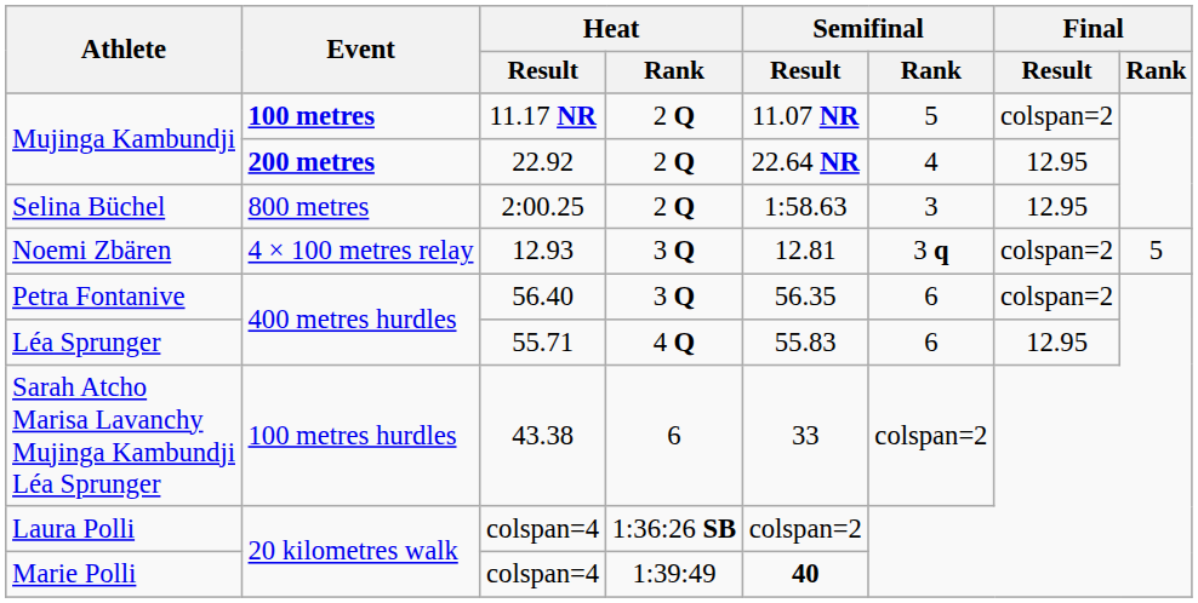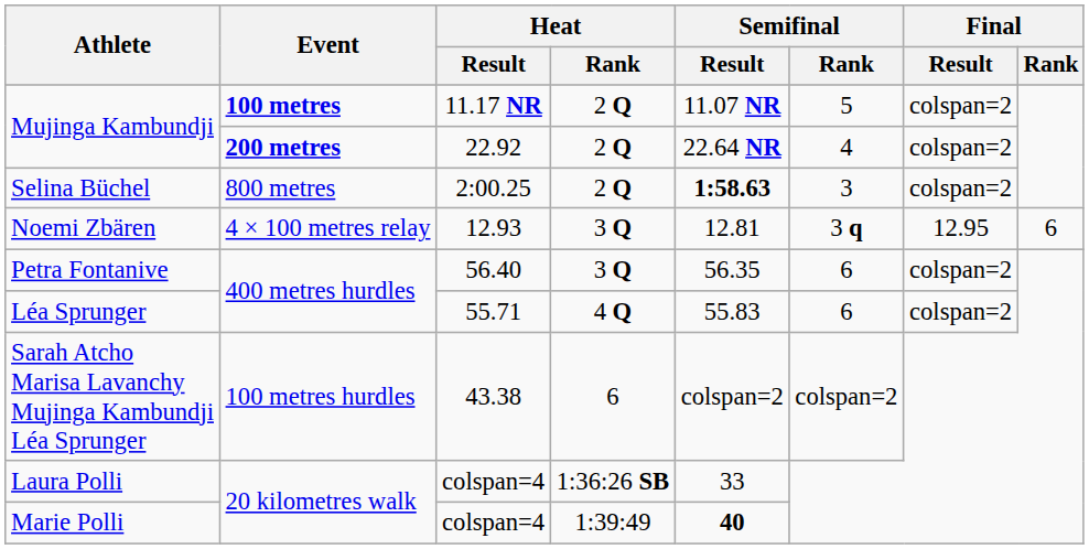 <table class="wikitable" style="font-size:90%">
 <tr>
 <th rowspan="2">Athlete</th>
 <th rowspan="2">Event</th>
 <th colspan="2">Heat</th>
 <th colspan="2">Semifinal</th>
 <th colspan="2">Final</th>
 </tr>
 <tr style="font-size:95%">
 <th>Result</th>
 <th>Rank</th>
 <th>Result</th>
 <th>Rank</th>
 <th>Result</th>
 <th>Rank</th>
 </tr>
 <tr style=text-align:center>
 <td style=text-align:left rowspan=2><a href='#'>Mujinga Kambundji</a></td>
 <td style=text-align:left><strong><a href='#'>100 metres</a></strong></td>
 <td>11.17 <strong><a href='#'>NR</a></strong></td>
 <td>2 <strong>Q</strong></td>
 <td>11.07 <strong><a href='#'>NR</a></strong></td>
 <td>5</td>
 <td>colspan=2 </td>
 </tr>
 <tr style=text-align:center>
 <td style=text-align:left><strong><a href='#'>200 metres</a></strong></td>
 <td>22.92</td>
 <td>2 <strong>Q</strong></td>
 <td>22.64 <strong><a href='#'>NR</a></strong></td>
 <td>4</td>
-<td>12.95</td>
+<td>colspan=2 </td>
 </tr>
 <tr style=text-align:center>
 <td style=text-align:left><a href='#'>Selina Büchel</a></td>
 <td style=text-align:left><a href='#'>800 metres</a></td>
 <td>2:00.25</td>
 <td>2 <strong>Q</strong></td>
-<td>1:58.63</td>
+<td><strong>1:58.63</strong></td>
 <td>3</td>
-<td>12.95</td>
+<td>colspan=2 </td>
 </tr>
 <tr style=text-align:center>
 <td style=text-align:left><a href='#'>Noemi Zbären</a></td>
 <td style=text-align:left><a href='#'>4 × 100 metres relay</a></td>
 <td>12.93</td>
 <td>3 <strong>Q</strong></td>
 <td>12.81</td>
 <td>3 <strong>q</strong></td>
-<td>colspan=2 </td>
-<td>5</td>
+<td>12.95</td>
+<td>6</td>
 </tr>
 <tr style=text-align:center>
 <td style=text-align:left><a href='#'>Petra Fontanive</a></td>
 <td style=text-align:left rowspan=2><a href='#'>400 metres hurdles</a></td>
 <td>56.40</td>
 <td>3 <strong>Q</strong></td>
 <td>56.35</td>
 <td>6</td>
 <td>colspan=2 </td>
 </tr>
 <tr style=text-align:center>
 <td style=text-align:left><a href='#'>Léa Sprunger</a></td>
 <td>55.71</td>
 <td>4 <strong>Q</strong></td>
 <td>55.83</td>
 <td>6</td>
-<td>12.95</td>
+<td>colspan=2 </td>
 </tr>
 <tr style=text-align:center>
 <td style=text-align:left><a href='#'>Sarah Atcho</a><br><a href='#'>Marisa Lavanchy</a><br><a href='#'>Mujinga Kambundji</a><br><a href='#'>Léa Sprunger</a></td>
 <td style=text-align:left><a href='#'>100 metres hurdles</a></td>
 <td>43.38</td>
 <td>6</td>
-<td>33</td>
+<td>colspan=2 </td>
 <td>colspan=2 </td>
 </tr>
 <tr style=text-align:center>
 <td style=text-align:left><a href='#'>Laura Polli</a></td>
 <td style=text-align:left rowspan=2><a href='#'>20 kilometres walk</a></td>
 <td>colspan=4 </td>
 <td>1:36:26 <strong>SB</strong></td>
-<td>colspan=2 </td>
+<td>33</td>
 </tr>
 <tr style=text-align:center>
 <td style=text-align:left><a href='#'>Marie Polli</a></td>
 <td>colspan=4 </td>
 <td>1:39:49</td>
 <td><strong>40</strong></td>
 </tr>
 </table>
